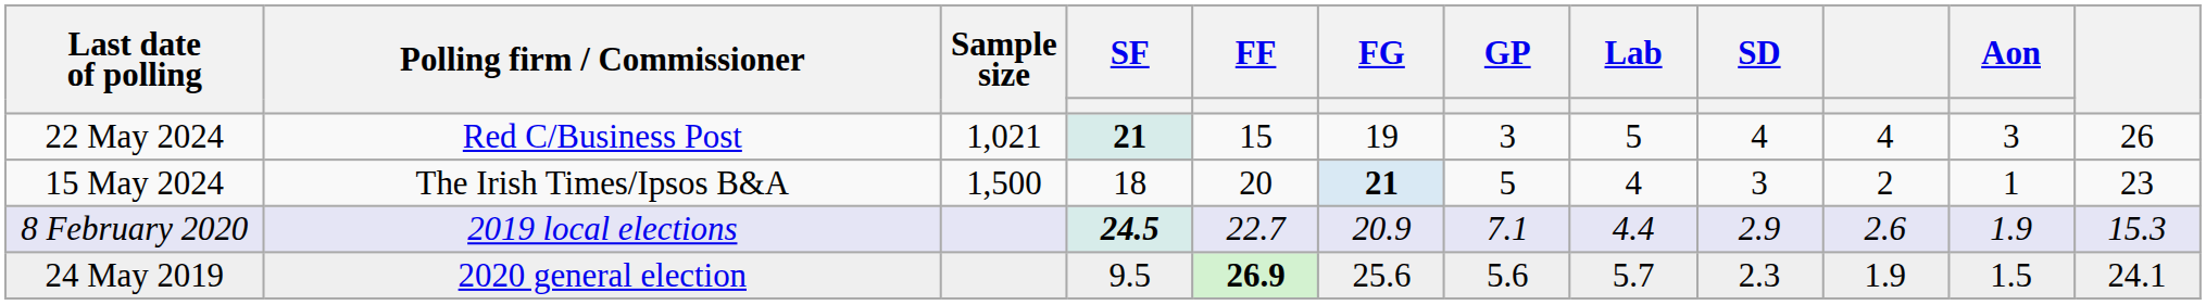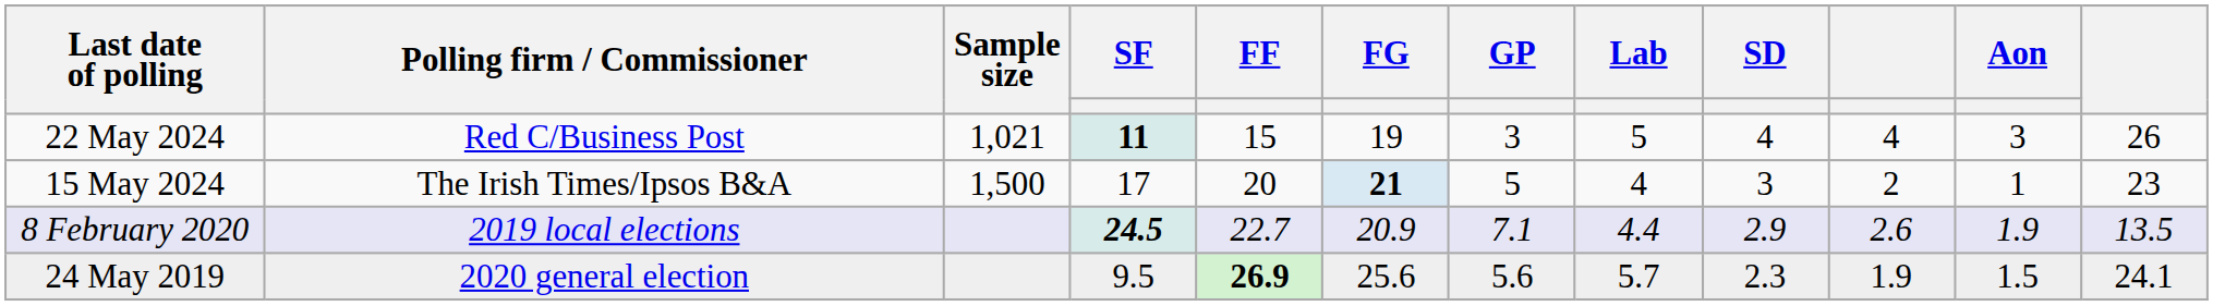 <table class="wikitable sortable collapsible" style="text-align:center;font-size:95%;line-height:14px;">
 <tr style="height:42px;">
 <th style="width:110px;" rowspan="2">Last date<br>of polling</th>
 <th style="width:300px;" rowspan="2">Polling firm / Commissioner</th>
 <th class="unsortable" style="width:50px;" rowspan="2">Sample<br>size</th>
 <th class="unsortable" style="width:50px;"><a href='#'>SF</a><br></th>
 <th class="unsortable" style="width:50px;"><a href='#'>FF</a><br></th>
 <th class="unsortable" style="width:50px;"><a href='#'>FG</a><br></th>
 <th class="unsortable" style="width:50px;"><a href='#'>GP</a><br></th>
 <th class="unsortable" style="width:50px;"><a href='#'>Lab</a><br></th>
 <th class="unsortable" style="width:50px;"><a href='#'>SD</a></th>
 <th class="unsortable" style="width:50px;"></th>
 <th class="unsortable" style="width:50px;"><a href='#'>Aon</a></th>
 <th class="unsortable" style="width:50px;" rowspan="2"></th>
 </tr>
 <tr>
 <th style="background:"></th>
 <th style="background:"></th>
 <th style="background:"></th>
 <th style="background:"></th>
 <th style="background:"></th>
 <th style="background:"></th>
 <th style="background:"></th>
 <th style="background:"></th>
 </tr>
 <tr>
 <td data-sort-value="2024-05-22">22 May 2024</td>
 <td data-sort-value="RedC1"><a href='#'>Red C/Business Post</a></td>
 <td>1,021</td>
-<td style="background:#D7ECEA"><strong>21</strong></td>
+<td style="background:#D7ECEA"><strong>11</strong></td>
 <td>15</td>
 <td>19</td>
 <td>3</td>
 <td>5</td>
 <td>4</td>
 <td>4</td>
 <td>3</td>
 <td>26</td>
 </tr>
 <tr>
 <td data-sort-value="2024-05-15">15 May 2024</td>
 <td data-sort-value="Irish Times">The Irish Times/Ipsos B&A</td>
 <td>1,500</td>
-<td>18</td>
+<td>17</td>
 <td>20</td>
 <td style="background:#D9E9F4"><strong>21</strong></td>
 <td>5</td>
 <td>4</td>
 <td>3</td>
 <td>2</td>
 <td>1</td>
 <td>23</td>
 </tr>
 <tr style="background:#E5E5F5;font-style:italic;">
 <td data-sort-value="2020-02-08">8 February 2020</td>
 <td><em><a href='#'>2019 local elections</a></em></td>
 <td></td>
 <td style="background:#D7ECEA"><strong>24.5</strong></td>
 <td>22.7</td>
 <td>20.9</td>
 <td>7.1</td>
 <td>4.4</td>
 <td>2.9</td>
 <td>2.6</td>
 <td>1.9</td>
-<td>15.3</td>
+<td>13.5</td>
 </tr>
 <tr style="background:#EFEFEF;">
 <td data-sort-value="2019-05-24">24 May 2019</td>
 <td><a href='#'>2020 general election</a></td>
 <td></td>
 <td>9.5</td>
 <td style="background:#D3F2D0"><strong>26.9</strong></td>
 <td>25.6</td>
 <td>5.6</td>
 <td>5.7</td>
 <td>2.3</td>
 <td>1.9</td>
 <td>1.5</td>
 <td>24.1</td>
 </tr>
 </table>
